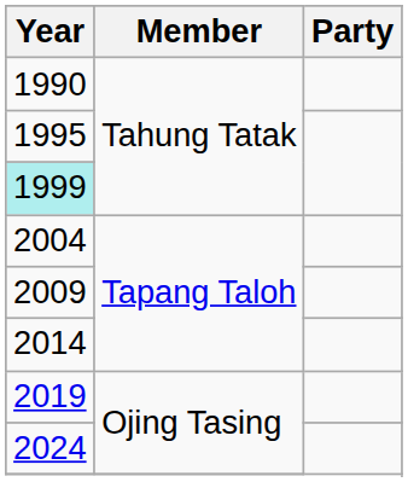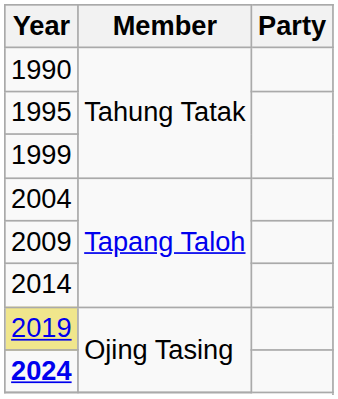 <table class="wikitable sortable">
 <tr>
 <th>Year</th>
 <th>Member</th>
 <th colspan="2">Party</th>
 </tr>
 <tr>
 <td>1990</td>
 <td rowspan=3>Tahung Tatak</td>
 <td></td>
 </tr>
 <tr>
 <td>1995</td>
 </tr>
 <tr>
-<td style="background: paleturquoise;">1999</td>
+<td>1999</td>
 </tr>
 <tr>
 <td>2004</td>
 <td rowspan=3><a href='#'>Tapang Taloh</a></td>
 <td></td>
 </tr>
 <tr>
 <td>2009</td>
 <td></td>
 </tr>
 <tr>
 <td>2014</td>
 <td></td>
 </tr>
 <tr>
-<td><a href='#'>2019</a></td>
+<td style="background: khaki;"><a href='#'>2019</a></td>
 <td rowspan=2>Ojing Tasing</td>
 <td></td>
 </tr>
 <tr>
-<td><a href='#'>2024</a></td>
+<td><strong><a href='#'>2024</a></strong></td>
 </tr>
 <tr>
 </tr>
 </table>
